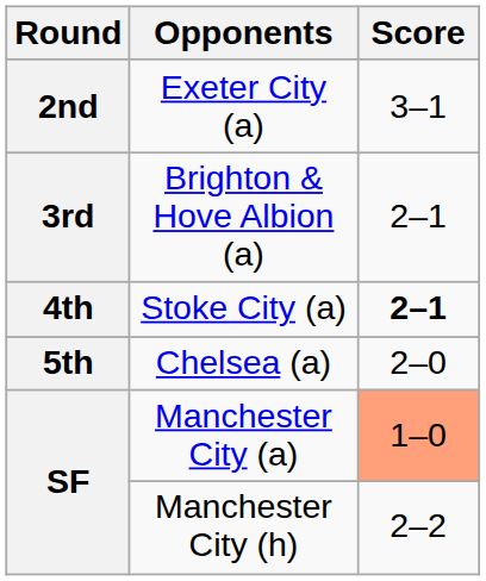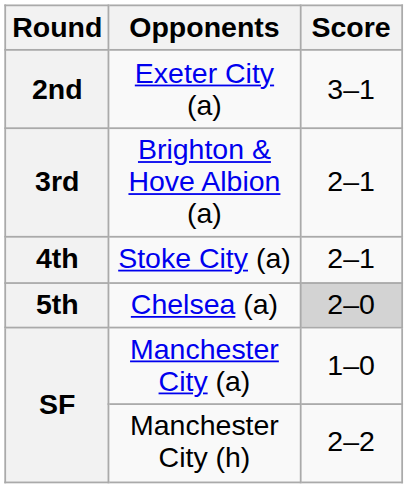 <table class="wikitable plainrowheaders" style="text-align:center;margin-left:1em;float:right">
 <tr>
 <th scope="col" style="width:25px;">Round</th>
 <th scope="col" style="width:100px;">Opponents</th>
 <th scope="col" style="width:50px;">Score</th>
 </tr>
 <tr>
 <th scope=row style="text-align:center">2nd</th>
 <td><a href='#'>Exeter City</a> (a)</td>
 <td>3–1</td>
 </tr>
 <tr>
 <th scope=row style="text-align:center">3rd</th>
 <td><a href='#'>Brighton & Hove Albion</a> (a)</td>
 <td>2–1</td>
 </tr>
 <tr>
 <th scope=row style="text-align:center">4th</th>
 <td><a href='#'>Stoke City</a> (a)</td>
-<td><strong>2–1</strong></td>
+<td>2–1</td>
 </tr>
 <tr>
 <th scope=row style="text-align:center">5th</th>
 <td><a href='#'>Chelsea</a> (a)</td>
-<td>2–0</td>
+<td style="background: lightgrey;">2–0</td>
 </tr>
 <tr>
 <th scope=row style="text-align:center" rowspan="2">SF</th>
 <td><a href='#'>Manchester City</a> (a)</td>
-<td style="background: lightsalmon;">1–0</td>
+<td>1–0</td>
 </tr>
 <tr>
 <td>Manchester City (h)</td>
 <td>2–2</td>
 </tr>
 </table>
